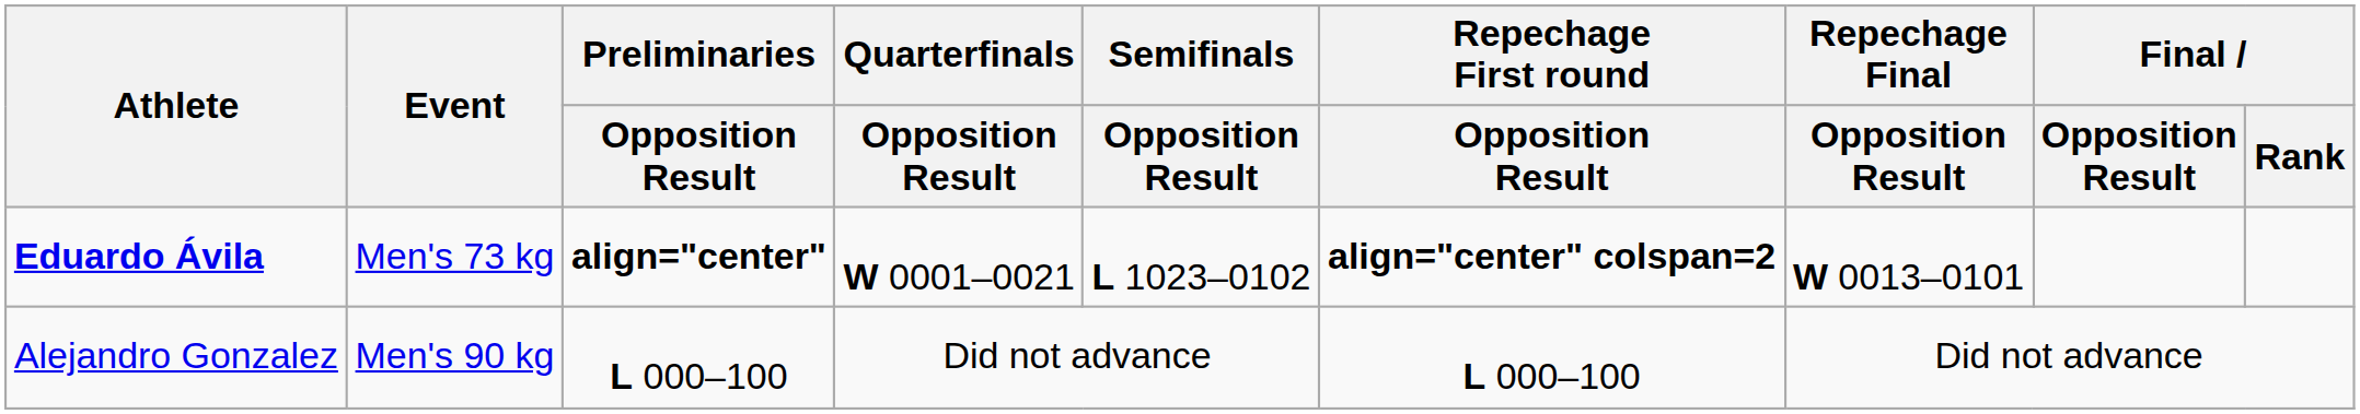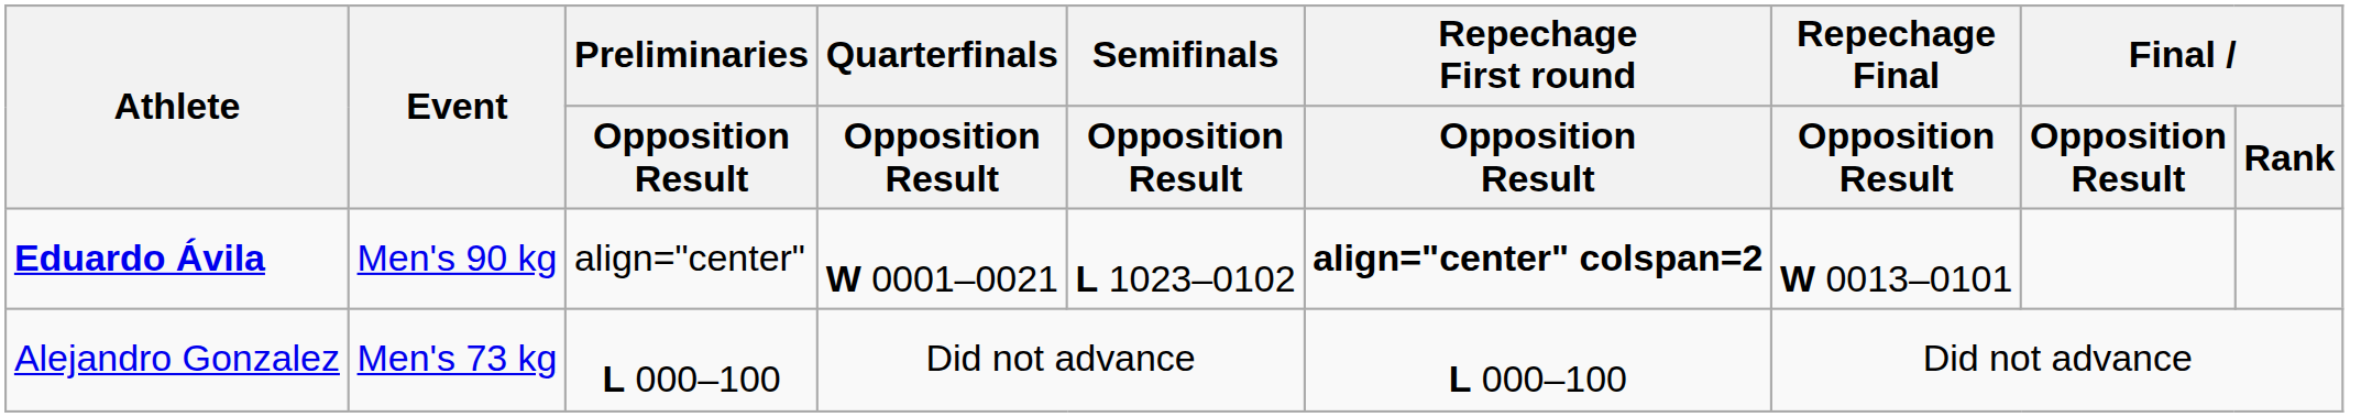 <table class="wikitable">
 <tr>
 <th rowspan="2">Athlete</th>
 <th rowspan="2">Event</th>
 <th>Preliminaries</th>
 <th>Quarterfinals</th>
 <th>Semifinals</th>
 <th>Repechage<br>First round</th>
 <th>Repechage<br>Final</th>
 <th colspan="2">Final / </th>
 </tr>
 <tr>
 <th>Opposition<br>Result</th>
 <th>Opposition<br>Result</th>
 <th>Opposition<br>Result</th>
 <th>Opposition<br>Result</th>
 <th>Opposition<br>Result</th>
 <th>Opposition<br>Result</th>
 <th>Rank</th>
 </tr>
 <tr>
 <td><strong><a href='#'>Eduardo Ávila</a></strong></td>
-<td><a href='#'>Men's 73 kg</a></td>
-<td><strong>align="center" </strong></td>
+<td><a href='#'>Men's 90 kg</a></td>
+<td>align="center" </td>
 <td align="center"><br><strong>W</strong> 0001–0021</td>
 <td align="center"><br><strong>L</strong> 1023–0102</td>
 <td><strong>align="center" colspan=2 </strong></td>
 <td align="center"><br><strong>W</strong> 0013–0101</td>
 <td align="center"></td>
 </tr>
 <tr>
 <td><a href='#'>Alejandro Gonzalez</a></td>
-<td><a href='#'>Men's 90 kg</a></td>
+<td><a href='#'>Men's 73 kg</a></td>
 <td align="center"><br><strong>L</strong> 000–100</td>
 <td align="center" colspan=2>Did not advance</td>
 <td align="center"><br><strong>L</strong> 000–100</td>
 <td align="center" colspan=3>Did not advance</td>
 </tr>
 </table>
